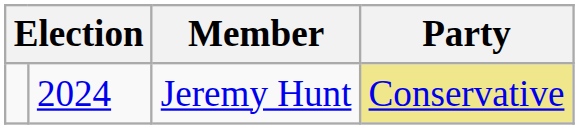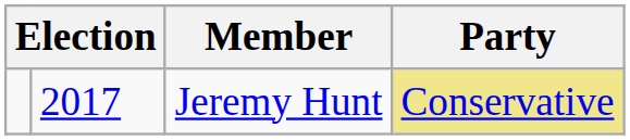 <table class="wikitable">
 <tr>
 <th colspan="2">Election</th>
 <th>Member</th>
 <th>Party</th>
 </tr>
 <tr>
 <td style="color:inherit;background-color: "></td>
-<td><a href='#'>2024</a></td>
+<td><a href='#'>2017</a></td>
 <td><a href='#'>Jeremy Hunt</a></td>
 <td style="background: khaki;"><a href='#'>Conservative</a></td>
 </tr>
 </table>
